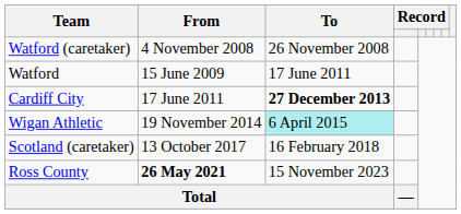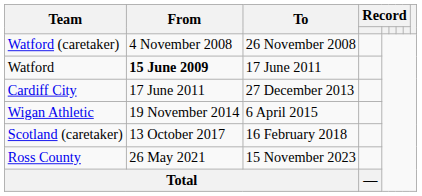 <table class=wikitable style="text-align: center">
 <tr>
 <th rowspan=2>Team</th>
 <th rowspan=2>From</th>
 <th rowspan=2>To</th>
 <th colspan=5>Record</th>
 <th rowspan=2></th>
 </tr>
 <tr>
 <th></th>
 <th></th>
 <th></th>
 <th></th>
 <th></th>
 </tr>
 <tr>
 <td align=left><a href='#'>Watford</a> (caretaker)</td>
 <td align=left>4 November 2008</td>
 <td align=left>26 November 2008<br></td>
 <td></td>
 </tr>
 <tr>
 <td align=left>Watford</td>
-<td align=left>15 June 2009</td>
+<td align=left><strong>15 June 2009</strong></td>
 <td align=left>17 June 2011<br></td>
 <td></td>
 </tr>
 <tr>
 <td align=left><a href='#'>Cardiff City</a></td>
 <td align=left>17 June 2011</td>
-<td align=left><strong>27 December 2013<br></strong></td>
+<td align=left>27 December 2013<br></td>
 <td></td>
 </tr>
 <tr>
 <td align=left><a href='#'>Wigan Athletic</a></td>
 <td align=left>19 November 2014</td>
-<td align=left style="background: paleturquoise;">6 April 2015<br></td>
+<td align=left>6 April 2015<br></td>
 <td></td>
 </tr>
 <tr>
 <td align=left><a href='#'>Scotland</a> (caretaker)</td>
 <td align=left>13 October 2017</td>
 <td align=left>16 February 2018<br></td>
 <td></td>
 </tr>
 <tr>
 <td align=left><a href='#'>Ross County</a></td>
-<td align=left><strong>26 May 2021</strong></td>
+<td align=left>26 May 2021</td>
 <td align=left>15 November 2023<br></td>
 <td></td>
 </tr>
 <tr>
 <th colspan=3>Total<br></th>
 <th>—</th>
 </tr>
 </table>
